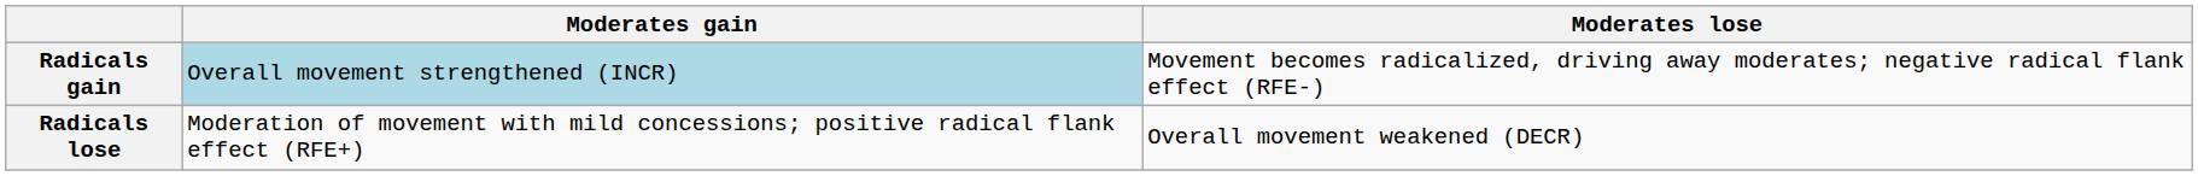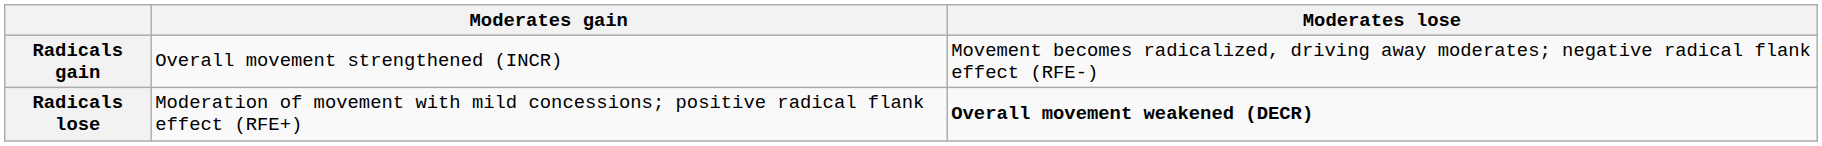 <table class="wikitable">
 <tr>
 <th></th>
 <th>Moderates gain</th>
 <th>Moderates lose</th>
 </tr>
 <tr>
 <th>Radicals gain</th>
-<td style="background: lightblue;">Overall movement strengthened (INCR)</td>
+<td>Overall movement strengthened (INCR)</td>
 <td>Movement becomes radicalized, driving away moderates; negative radical flank effect (RFE-)</td>
 </tr>
 <tr>
 <th>Radicals lose</th>
 <td>Moderation of movement with mild concessions; positive radical flank effect (RFE+)</td>
-<td>Overall movement weakened (DECR)</td>
+<td><strong>Overall movement weakened (DECR)</strong></td>
 </tr>
 </table>
